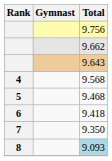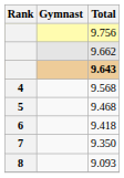 <table class="wikitable sortable" style="text-align:center; font-size:95%">
 <tr>
 <th scope=col>Rank</th>
 <th scope=col>Gymnast </th>
 <th scope=col>Total</th>
 </tr>
 <tr bgcolor=fffcaf>
 <th scope=row style="text-align:center"></th>
 <td align=left> </td>
 <td>9.756</td>
 </tr>
 <tr bgcolor=e5e5e5>
 <th scope=row style="text-align:center"></th>
 <td align=left> </td>
 <td>9.662</td>
 </tr>
 <tr bgcolor=eecc99>
 <th scope=row style="text-align:center"></th>
 <td align=left> </td>
-<td>9.643</td>
+<td><strong>9.643</strong></td>
 </tr>
 <tr>
 <th scope=row style="text-align:center">4</th>
 <td align=left> </td>
 <td>9.568</td>
 </tr>
 <tr>
 <th scope=row style="text-align:center">5</th>
 <td align=left> </td>
 <td>9.468</td>
 </tr>
 <tr>
 <th scope=row style="text-align:center">6</th>
 <td align=left> </td>
 <td>9.418</td>
 </tr>
 <tr>
 <th scope=row style="text-align:center">7</th>
 <td align=left> </td>
 <td>9.350</td>
 </tr>
 <tr>
 <th scope=row style="text-align:center">8</th>
 <td align=left> </td>
-<td style="background: lightblue;">9.093</td>
+<td>9.093</td>
 </tr>
 <tr>
 </tr>
 </table>
